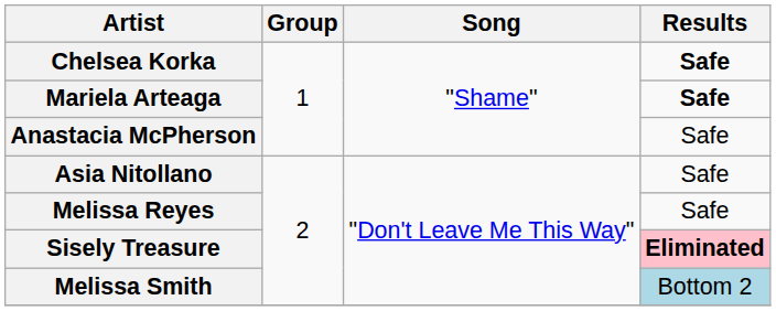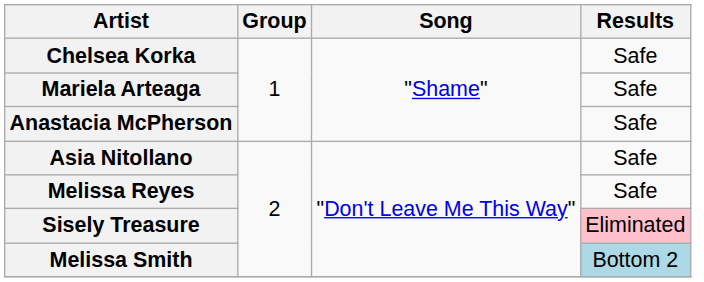 <table class="wikitable plainrowheaders" style="text-align:center;">
 <tr>
 <th scope="col">Artist</th>
 <th scope="col">Group</th>
 <th scope="col">Song</th>
 <th scope="col">Results</th>
 </tr>
 <tr>
 <th scope="row">Chelsea Korka</th>
 <td rowspan="3">1</td>
 <td rowspan="3">"<a href='#'>Shame</a>"</td>
-<td><strong>Safe</strong></td>
+<td>Safe</td>
 </tr>
 <tr>
 <th scope="row">Mariela Arteaga</th>
-<td><strong>Safe</strong></td>
+<td>Safe</td>
 </tr>
 <tr>
 <th scope="row">Anastacia McPherson</th>
 <td>Safe</td>
 </tr>
 <tr>
 <th scope="row">Asia Nitollano</th>
 <td rowspan="4">2</td>
 <td rowspan="4">"<a href='#'>Don't Leave Me This Way</a>"</td>
 <td>Safe</td>
 </tr>
 <tr>
 <th scope="row">Melissa Reyes</th>
 <td>Safe</td>
 </tr>
 <tr>
 <th scope="row">Sisely Treasure</th>
-<td style="background:pink;"><strong>Eliminated</strong></td>
+<td style="background:pink;">Eliminated</td>
 </tr>
 <tr>
 <th scope="row">Melissa Smith</th>
 <td style="background:lightblue;">Bottom 2</td>
 </tr>
 <tr>
 </tr>
 </table>
